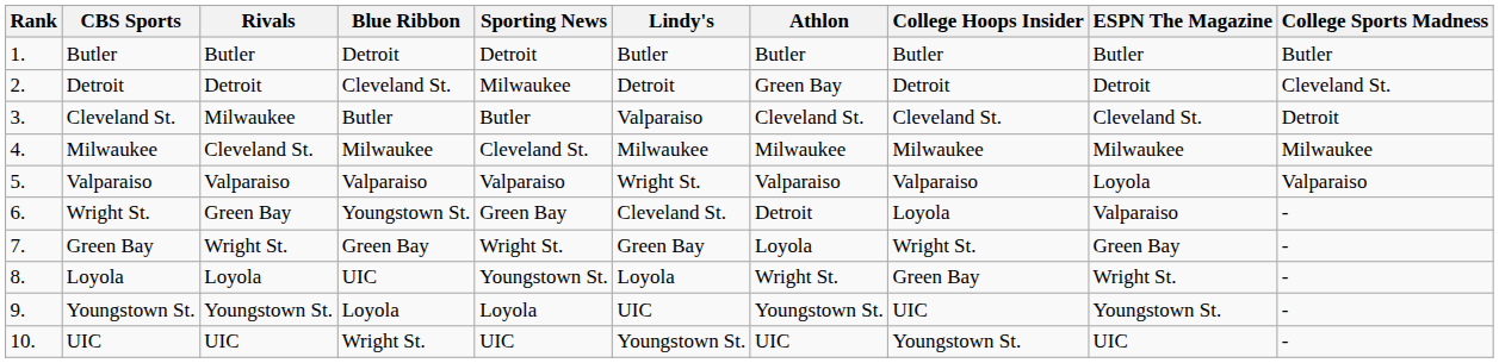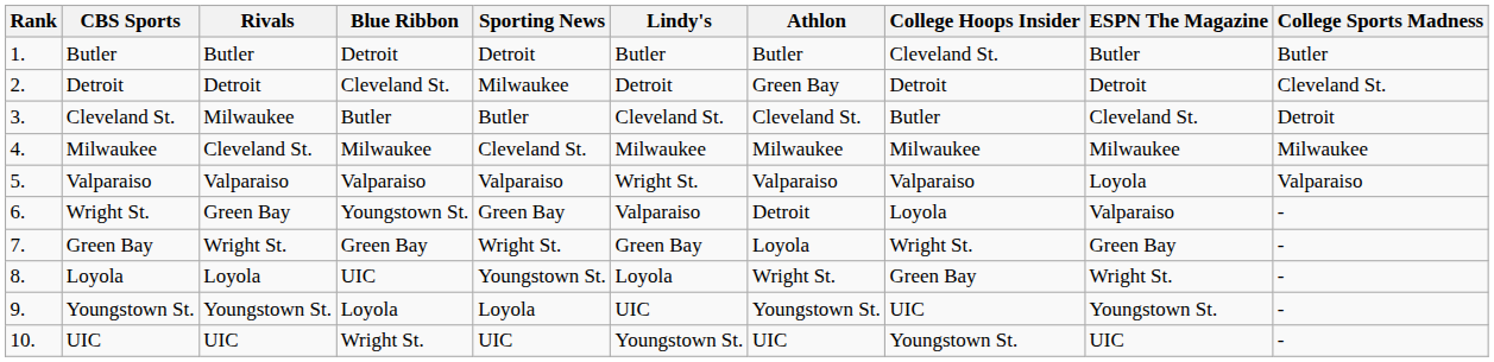 <table class="wikitable">
 <tr>
 <th>Rank</th>
 <th>CBS Sports</th>
 <th>Rivals</th>
 <th>Blue Ribbon</th>
 <th>Sporting News</th>
 <th>Lindy's</th>
 <th>Athlon</th>
 <th>College Hoops Insider</th>
 <th>ESPN The Magazine</th>
 <th>College Sports Madness</th>
 </tr>
 <tr>
 <td>1.</td>
 <td>Butler</td>
 <td>Butler</td>
 <td>Detroit</td>
 <td>Detroit</td>
 <td>Butler</td>
 <td>Butler</td>
-<td>Butler</td>
+<td>Cleveland St.</td>
 <td>Butler</td>
 <td>Butler</td>
 </tr>
 <tr>
 <td>2.</td>
 <td>Detroit</td>
 <td>Detroit</td>
 <td>Cleveland St.</td>
 <td>Milwaukee</td>
 <td>Detroit</td>
 <td>Green Bay</td>
 <td>Detroit</td>
 <td>Detroit</td>
 <td>Cleveland St.</td>
 </tr>
 <tr>
 <td>3.</td>
 <td>Cleveland St.</td>
 <td>Milwaukee</td>
 <td>Butler</td>
 <td>Butler</td>
-<td>Valparaiso</td>
 <td>Cleveland St.</td>
 <td>Cleveland St.</td>
+<td>Butler</td>
 <td>Cleveland St.</td>
 <td>Detroit</td>
 </tr>
 <tr>
 <td>4.</td>
 <td>Milwaukee</td>
 <td>Cleveland St.</td>
 <td>Milwaukee</td>
 <td>Cleveland St.</td>
 <td>Milwaukee</td>
 <td>Milwaukee</td>
 <td>Milwaukee</td>
 <td>Milwaukee</td>
 <td>Milwaukee</td>
 </tr>
 <tr>
 <td>5.</td>
 <td>Valparaiso</td>
 <td>Valparaiso</td>
 <td>Valparaiso</td>
 <td>Valparaiso</td>
 <td>Wright St.</td>
 <td>Valparaiso</td>
 <td>Valparaiso</td>
 <td>Loyola</td>
 <td>Valparaiso</td>
 </tr>
 <tr>
 <td>6.</td>
 <td>Wright St.</td>
 <td>Green Bay</td>
 <td>Youngstown St.</td>
 <td>Green Bay</td>
-<td>Cleveland St.</td>
+<td>Valparaiso</td>
 <td>Detroit</td>
 <td>Loyola</td>
 <td>Valparaiso</td>
 <td>-</td>
 </tr>
 <tr>
 <td>7.</td>
 <td>Green Bay</td>
 <td>Wright St.</td>
 <td>Green Bay</td>
 <td>Wright St.</td>
 <td>Green Bay</td>
 <td>Loyola</td>
 <td>Wright St.</td>
 <td>Green Bay</td>
 <td>-</td>
 </tr>
 <tr>
 <td>8.</td>
 <td>Loyola</td>
 <td>Loyola</td>
 <td>UIC</td>
 <td>Youngstown St.</td>
 <td>Loyola</td>
 <td>Wright St.</td>
 <td>Green Bay</td>
 <td>Wright St.</td>
 <td>-</td>
 </tr>
 <tr>
 <td>9.</td>
 <td>Youngstown St.</td>
 <td>Youngstown St.</td>
 <td>Loyola</td>
 <td>Loyola</td>
 <td>UIC</td>
 <td>Youngstown St.</td>
 <td>UIC</td>
 <td>Youngstown St.</td>
 <td>-</td>
 </tr>
 <tr>
 <td>10.</td>
 <td>UIC</td>
 <td>UIC</td>
 <td>Wright St.</td>
 <td>UIC</td>
 <td>Youngstown St.</td>
 <td>UIC</td>
 <td>Youngstown St.</td>
 <td>UIC</td>
 <td>-</td>
 </tr>
 </table>
